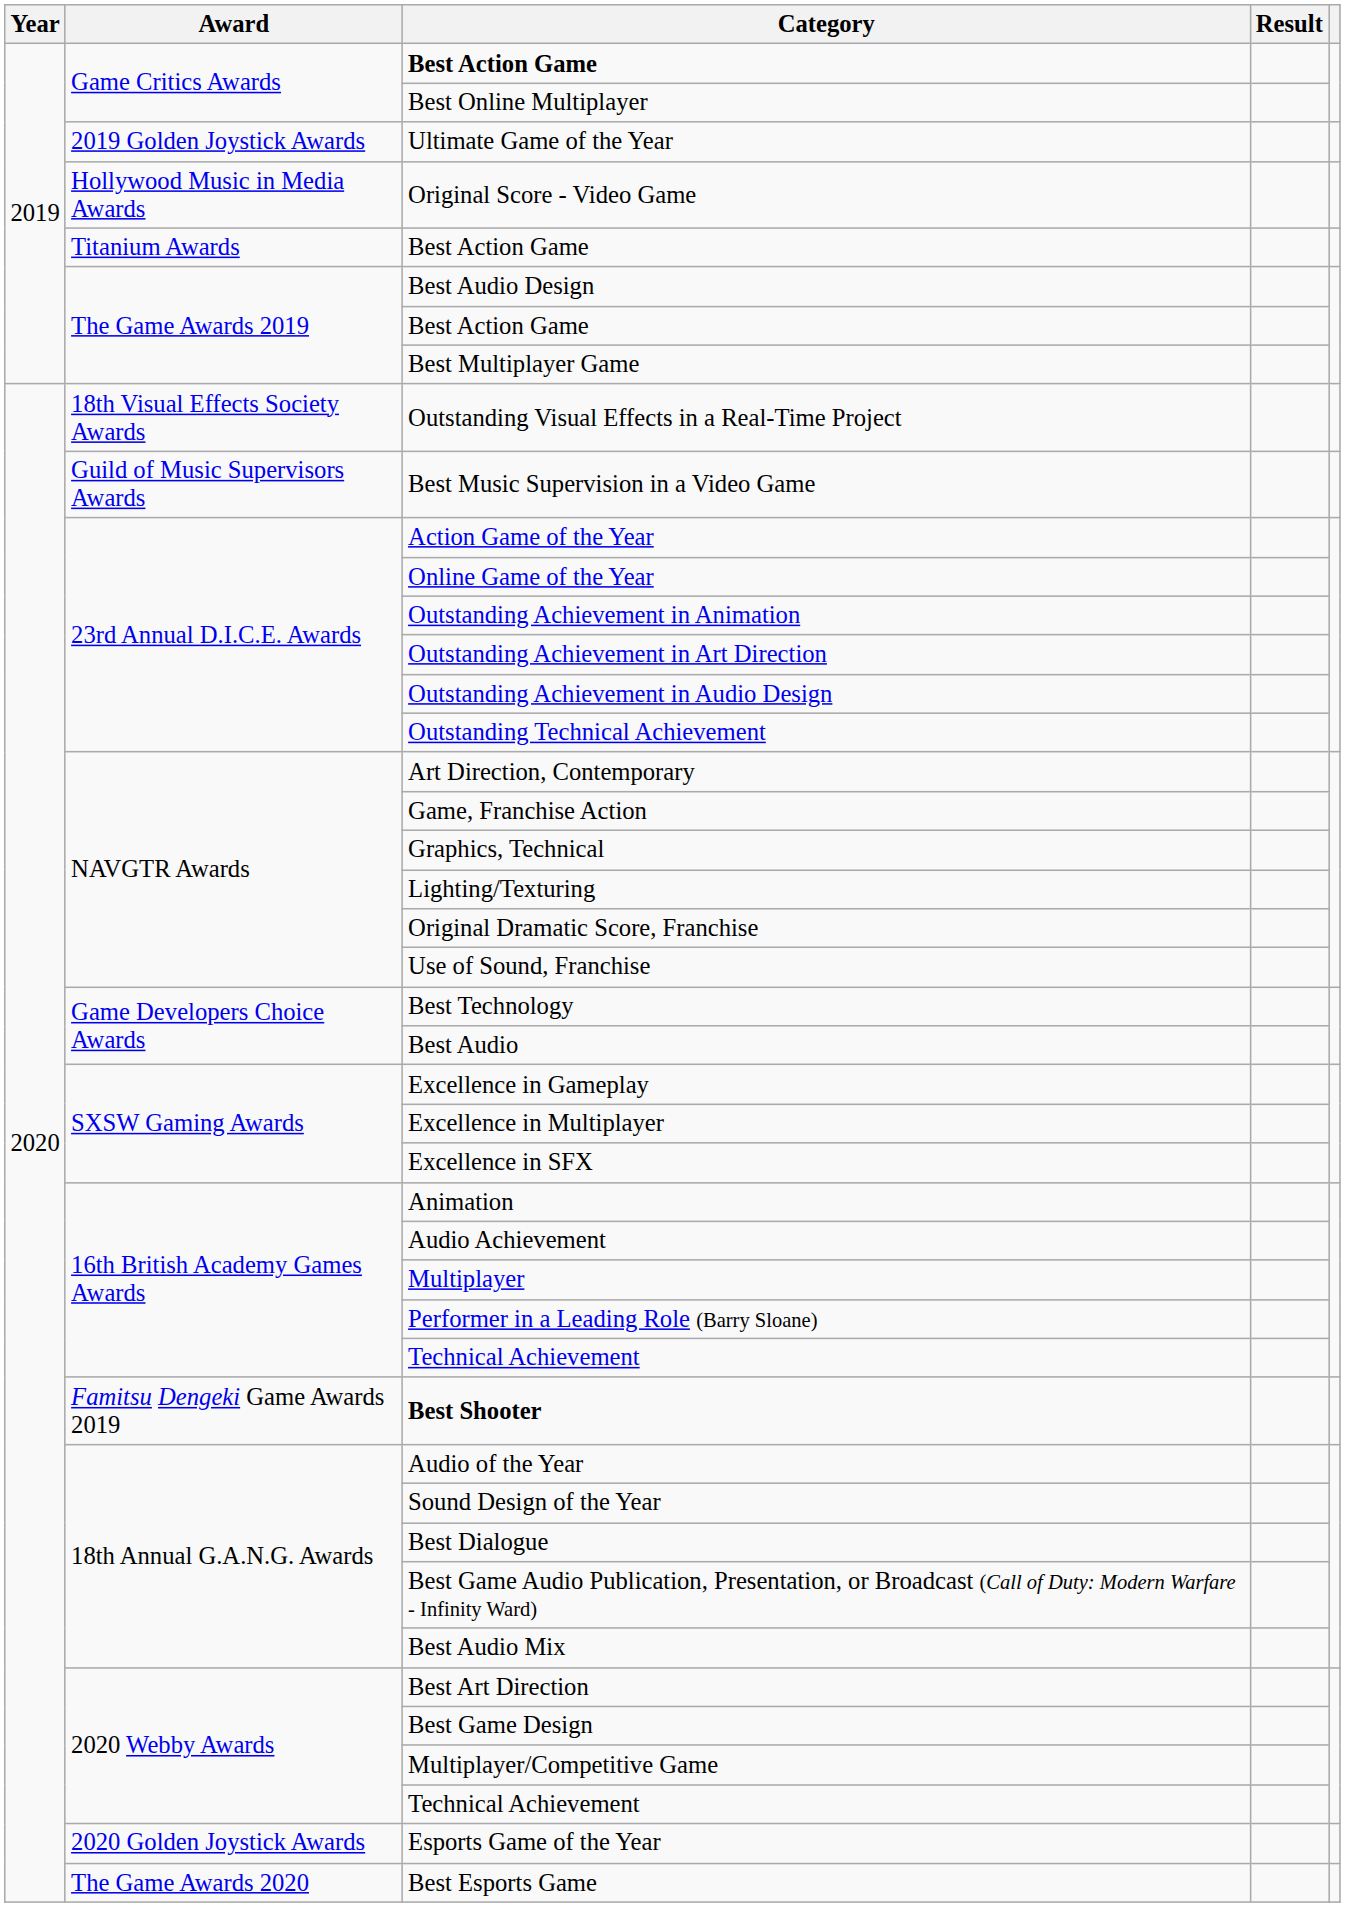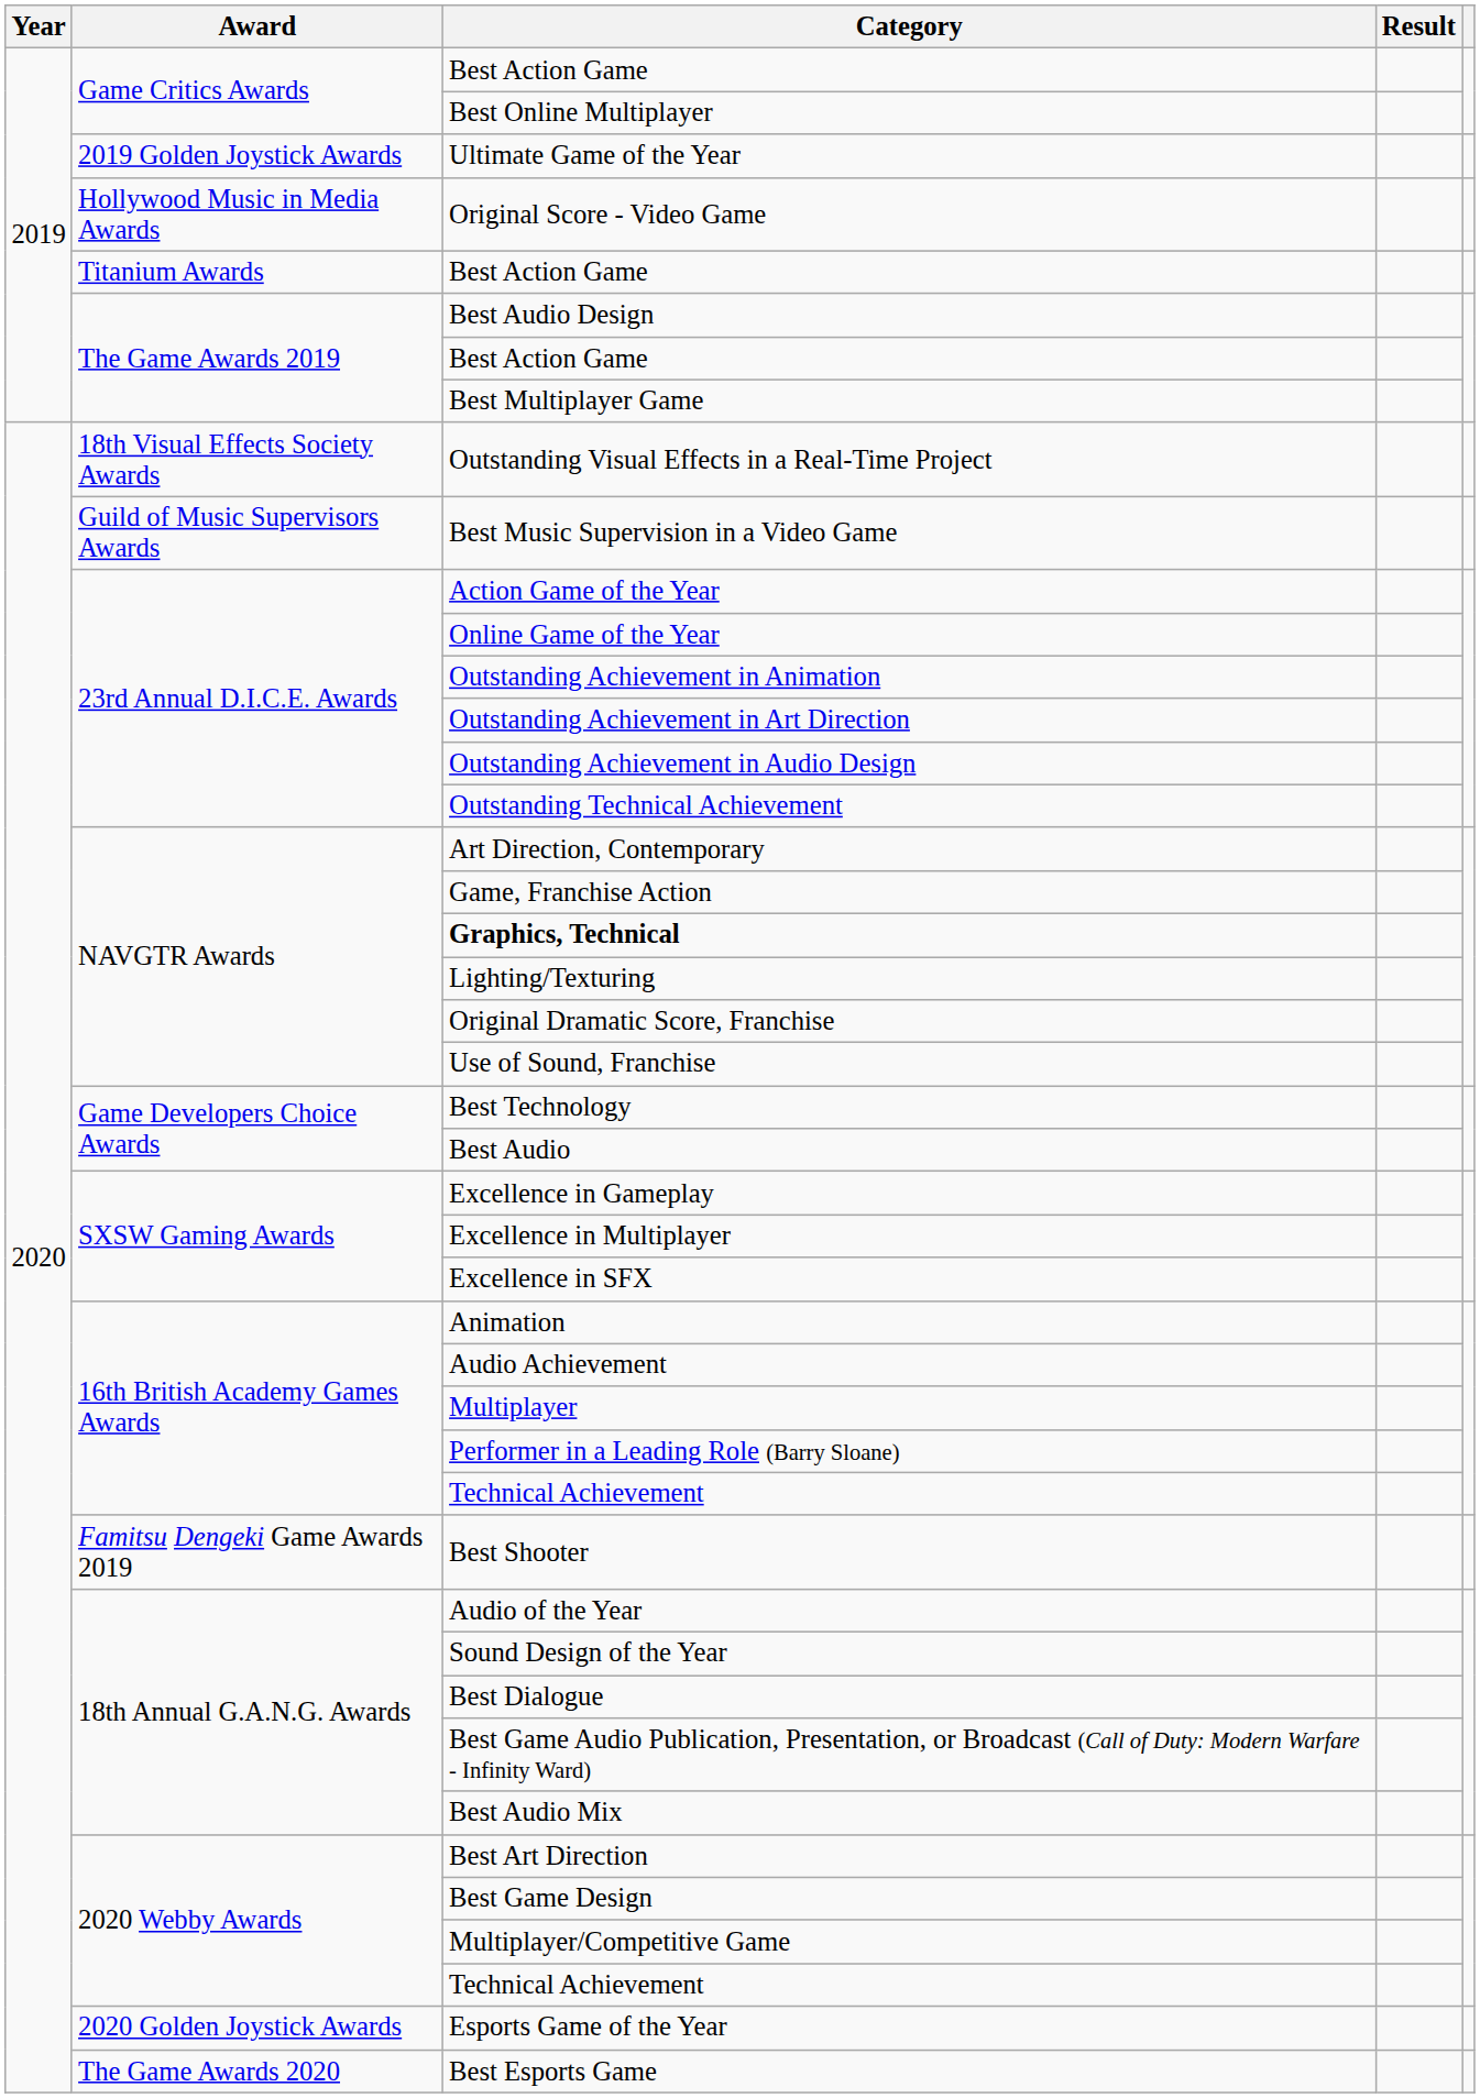 <table class="wikitable sortable">
 <tr>
 <th>Year</th>
 <th>Award</th>
 <th>Category</th>
 <th>Result</th>
 <th></th>
 </tr>
 <tr>
 <td style="text-align:center;" rowspan="8">2019</td>
 <td rowspan="2"><a href='#'>Game Critics Awards</a></td>
-<td><strong>Best Action Game</strong></td>
+<td>Best Action Game</td>
 <td></td>
 <td rowspan="2" style="text-align:center;"></td>
 </tr>
 <tr>
 <td>Best Online Multiplayer</td>
 <td></td>
 </tr>
 <tr>
 <td><a href='#'>2019 Golden Joystick Awards</a></td>
 <td>Ultimate Game of the Year</td>
 <td></td>
 <td style="text-align:center;"></td>
 </tr>
 <tr>
 <td><a href='#'>Hollywood Music in Media Awards</a></td>
 <td>Original Score - Video Game</td>
 <td></td>
 <td style="text-align:center;"></td>
 </tr>
 <tr>
 <td><a href='#'>Titanium Awards</a></td>
 <td>Best Action Game</td>
 <td></td>
 <td style="text-align:center;"></td>
 </tr>
 <tr>
 <td rowspan="3"><a href='#'>The Game Awards 2019</a></td>
 <td>Best Audio Design</td>
 <td></td>
 <td rowspan="3" style="text-align:center;"></td>
 </tr>
 <tr>
 <td>Best Action Game</td>
 <td></td>
 </tr>
 <tr>
 <td>Best Multiplayer Game</td>
 <td></td>
 </tr>
 <tr>
 <td style="text-align:center;" rowspan="36">2020</td>
 <td><a href='#'>18th Visual Effects Society Awards</a></td>
 <td>Outstanding Visual Effects in a Real-Time Project</td>
 <td></td>
 <td style="text-align:center;"></td>
 </tr>
 <tr>
 <td><a href='#'>Guild of Music Supervisors Awards</a></td>
 <td>Best Music Supervision in a Video Game</td>
 <td></td>
 <td style="text-align:center;"></td>
 </tr>
 <tr>
 <td rowspan="6"><a href='#'>23rd Annual D.I.C.E. Awards</a></td>
 <td><a href='#'>Action Game of the Year</a></td>
 <td></td>
 <td rowspan="6" style="text-align:center;"></td>
 </tr>
 <tr>
 <td><a href='#'>Online Game of the Year</a></td>
 <td></td>
 </tr>
 <tr>
 <td><a href='#'>Outstanding Achievement in Animation</a></td>
 <td></td>
 </tr>
 <tr>
 <td><a href='#'>Outstanding Achievement in Art Direction</a></td>
 <td></td>
 </tr>
 <tr>
 <td><a href='#'>Outstanding Achievement in Audio Design</a></td>
 <td></td>
 </tr>
 <tr>
 <td><a href='#'>Outstanding Technical Achievement</a></td>
 <td></td>
 </tr>
 <tr>
 <td rowspan="6">NAVGTR Awards</td>
 <td>Art Direction, Contemporary</td>
 <td></td>
 <td rowspan="6" style="text-align:center;"></td>
 </tr>
 <tr>
 <td>Game, Franchise Action</td>
 <td></td>
 </tr>
 <tr>
-<td>Graphics, Technical</td>
+<td><strong>Graphics, Technical</strong></td>
 <td></td>
 </tr>
 <tr>
 <td>Lighting/Texturing</td>
 <td></td>
 </tr>
 <tr>
 <td>Original Dramatic Score, Franchise</td>
 <td></td>
 </tr>
 <tr>
 <td>Use of Sound, Franchise</td>
 <td></td>
 </tr>
 <tr>
 <td rowspan="2"><a href='#'>Game Developers Choice Awards</a></td>
 <td>Best Technology</td>
 <td></td>
 <td rowspan="2" style="text-align:center;"></td>
 </tr>
 <tr>
 <td>Best Audio</td>
 <td></td>
 </tr>
 <tr>
 <td rowspan="3"><a href='#'>SXSW Gaming Awards</a></td>
 <td>Excellence in Gameplay</td>
 <td></td>
 <td rowspan="3" style="text-align:center;"></td>
 </tr>
 <tr>
 <td>Excellence in Multiplayer</td>
 <td></td>
 </tr>
 <tr>
 <td>Excellence in SFX</td>
 <td></td>
 </tr>
 <tr>
 <td rowspan="5"><a href='#'>16th British Academy Games Awards</a></td>
 <td>Animation</td>
 <td></td>
 <td rowspan="5" style="text-align:center;"></td>
 </tr>
 <tr>
 <td>Audio Achievement</td>
 <td></td>
 </tr>
 <tr>
 <td><a href='#'>Multiplayer</a></td>
 <td></td>
 </tr>
 <tr>
 <td><a href='#'>Performer in a Leading Role</a> <small>(Barry Sloane)</small></td>
 <td></td>
 </tr>
 <tr>
 <td><a href='#'>Technical Achievement</a></td>
 <td></td>
 </tr>
 <tr>
 <td><em><a href='#'>Famitsu</a></em> <em><a href='#'>Dengeki</a></em> Game Awards 2019</td>
-<td><strong>Best Shooter</strong></td>
+<td>Best Shooter</td>
 <td></td>
 <td style="text-align:center;"></td>
 </tr>
 <tr>
 <td rowspan="5">18th Annual G.A.N.G. Awards</td>
 <td>Audio of the Year</td>
 <td></td>
 <td rowspan="5" style="text-align:center;"></td>
 </tr>
 <tr>
 <td>Sound Design of the Year</td>
 <td></td>
 </tr>
 <tr>
 <td>Best Dialogue</td>
 <td></td>
 </tr>
 <tr>
 <td>Best Game Audio Publication, Presentation, or Broadcast <small>(<em>Call of Duty: Modern Warfare</em> - Infinity Ward)</small></td>
 <td></td>
 </tr>
 <tr>
 <td>Best Audio Mix</td>
 <td></td>
 </tr>
 <tr>
 <td rowspan="4">2020 <a href='#'>Webby Awards</a></td>
 <td>Best Art Direction</td>
 <td></td>
 <td rowspan="4" style="text-align:center;"></td>
 </tr>
 <tr>
 <td>Best Game Design</td>
 <td></td>
 </tr>
 <tr>
 <td>Multiplayer/Competitive Game</td>
 <td></td>
 </tr>
 <tr>
 <td>Technical Achievement</td>
 <td></td>
 </tr>
 <tr>
 <td><a href='#'>2020 Golden Joystick Awards</a></td>
 <td>Esports Game of the Year</td>
 <td></td>
 <td style="text-align:center;"></td>
 </tr>
 <tr>
 <td><a href='#'>The Game Awards 2020</a></td>
 <td>Best Esports Game</td>
 <td></td>
 <td style="text-align:center;"></td>
 </tr>
 </table>
